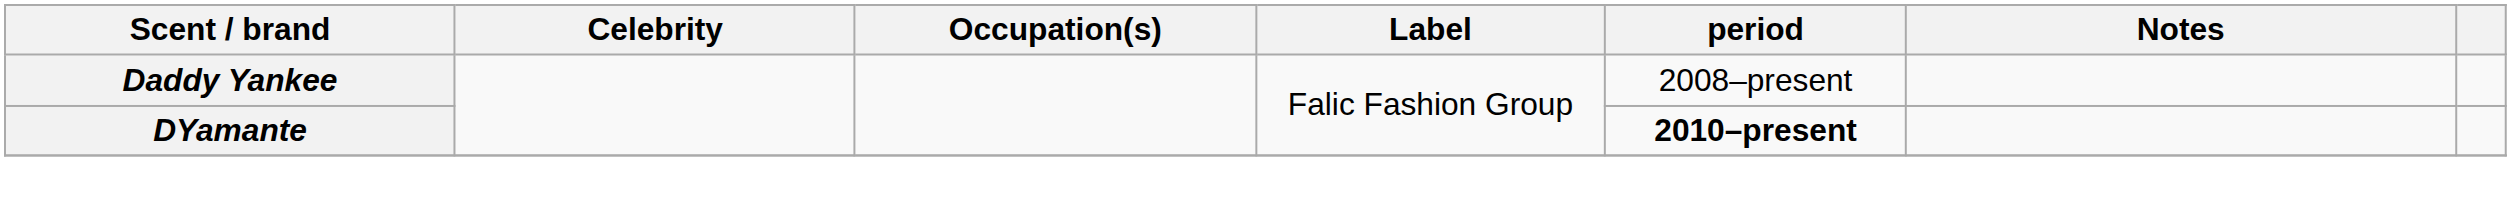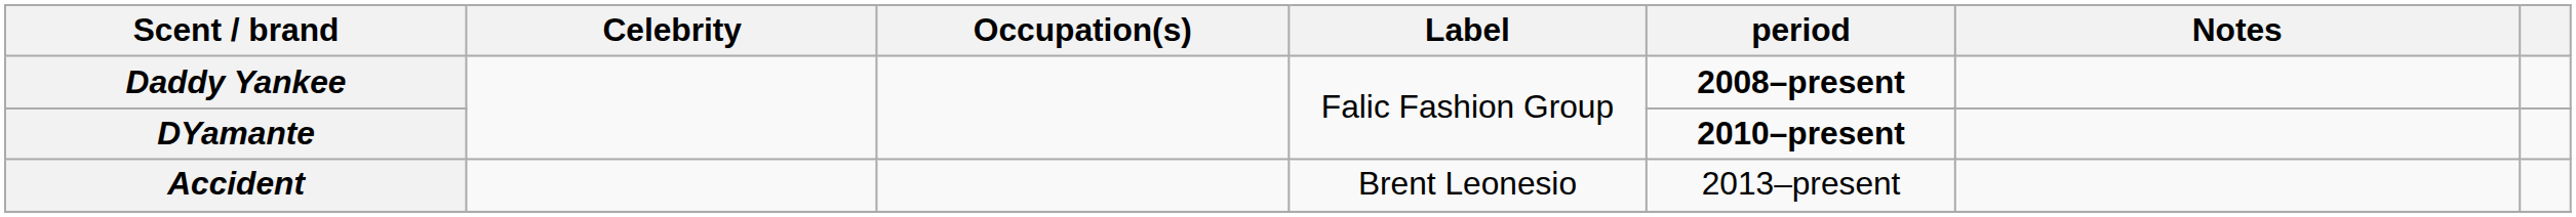 <table class="wikitable sortable plainrowheaders" font-size:95%; style="text-align:center;" width="100%;">
 <tr>
 <th scope="col" width="18%">Scent / brand</th>
 <th scope="col" width:"16%">Celebrity</th>
 <th scope="col" width="16%">Occupation(s)</th>
 <th scope="col" width="14%">Label</th>
 <th scope="col" width="12%"> period</th>
 <th scope="col" width="22%;" class="unsortable">Notes</th>
 <th scope="col" width="2%;" class="unsortable"></th>
 </tr>
 <tr>
 <th scope="row"><em>Daddy Yankee</em></th>
 <td rowspan="2"></td>
 <td rowspan="2"></td>
 <td rowspan="2">Falic Fashion Group</td>
-<td>2008–present</td>
+<td><strong>2008–present</strong></td>
 <td></td>
 <td></td>
 </tr>
 <tr>
 <th scope="row"><em>DYamante</em></th>
 <td><strong>2010–present</strong></td>
 <td></td>
 <td></td>
 </tr>
 <tr>
+<th scope="row"><em>Accident</em></th>
+<td></td>
+<td></td>
+<td>Brent Leonesio</td>
+<td>2013–present</td>
+<td></td>
+<td></td>
+</tr>
+<tr>
 </tr>
 </table>
